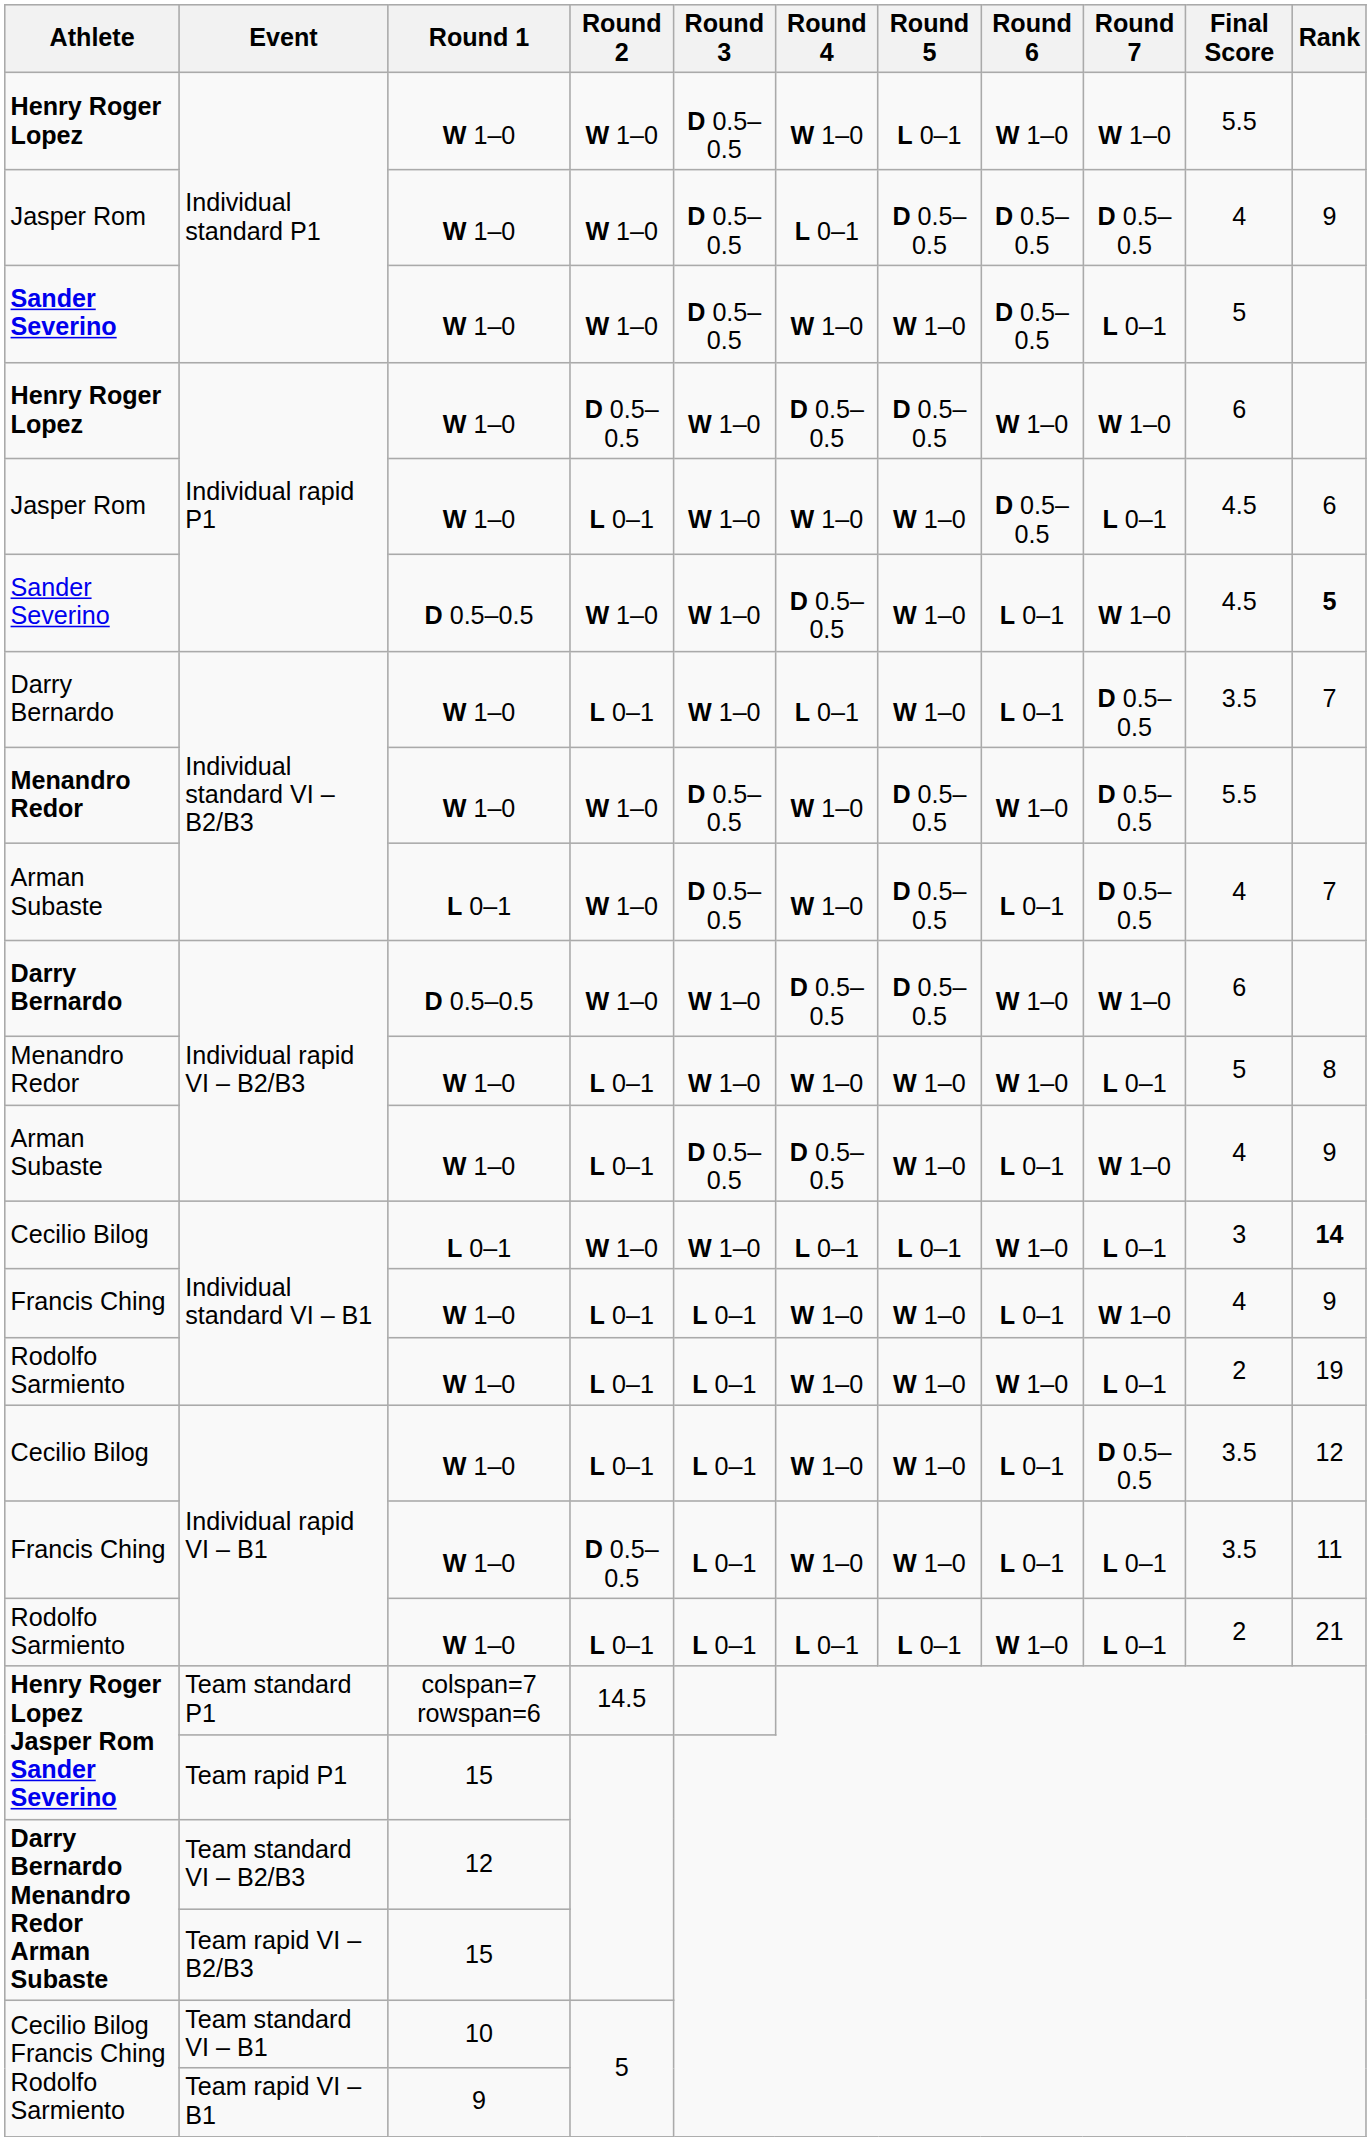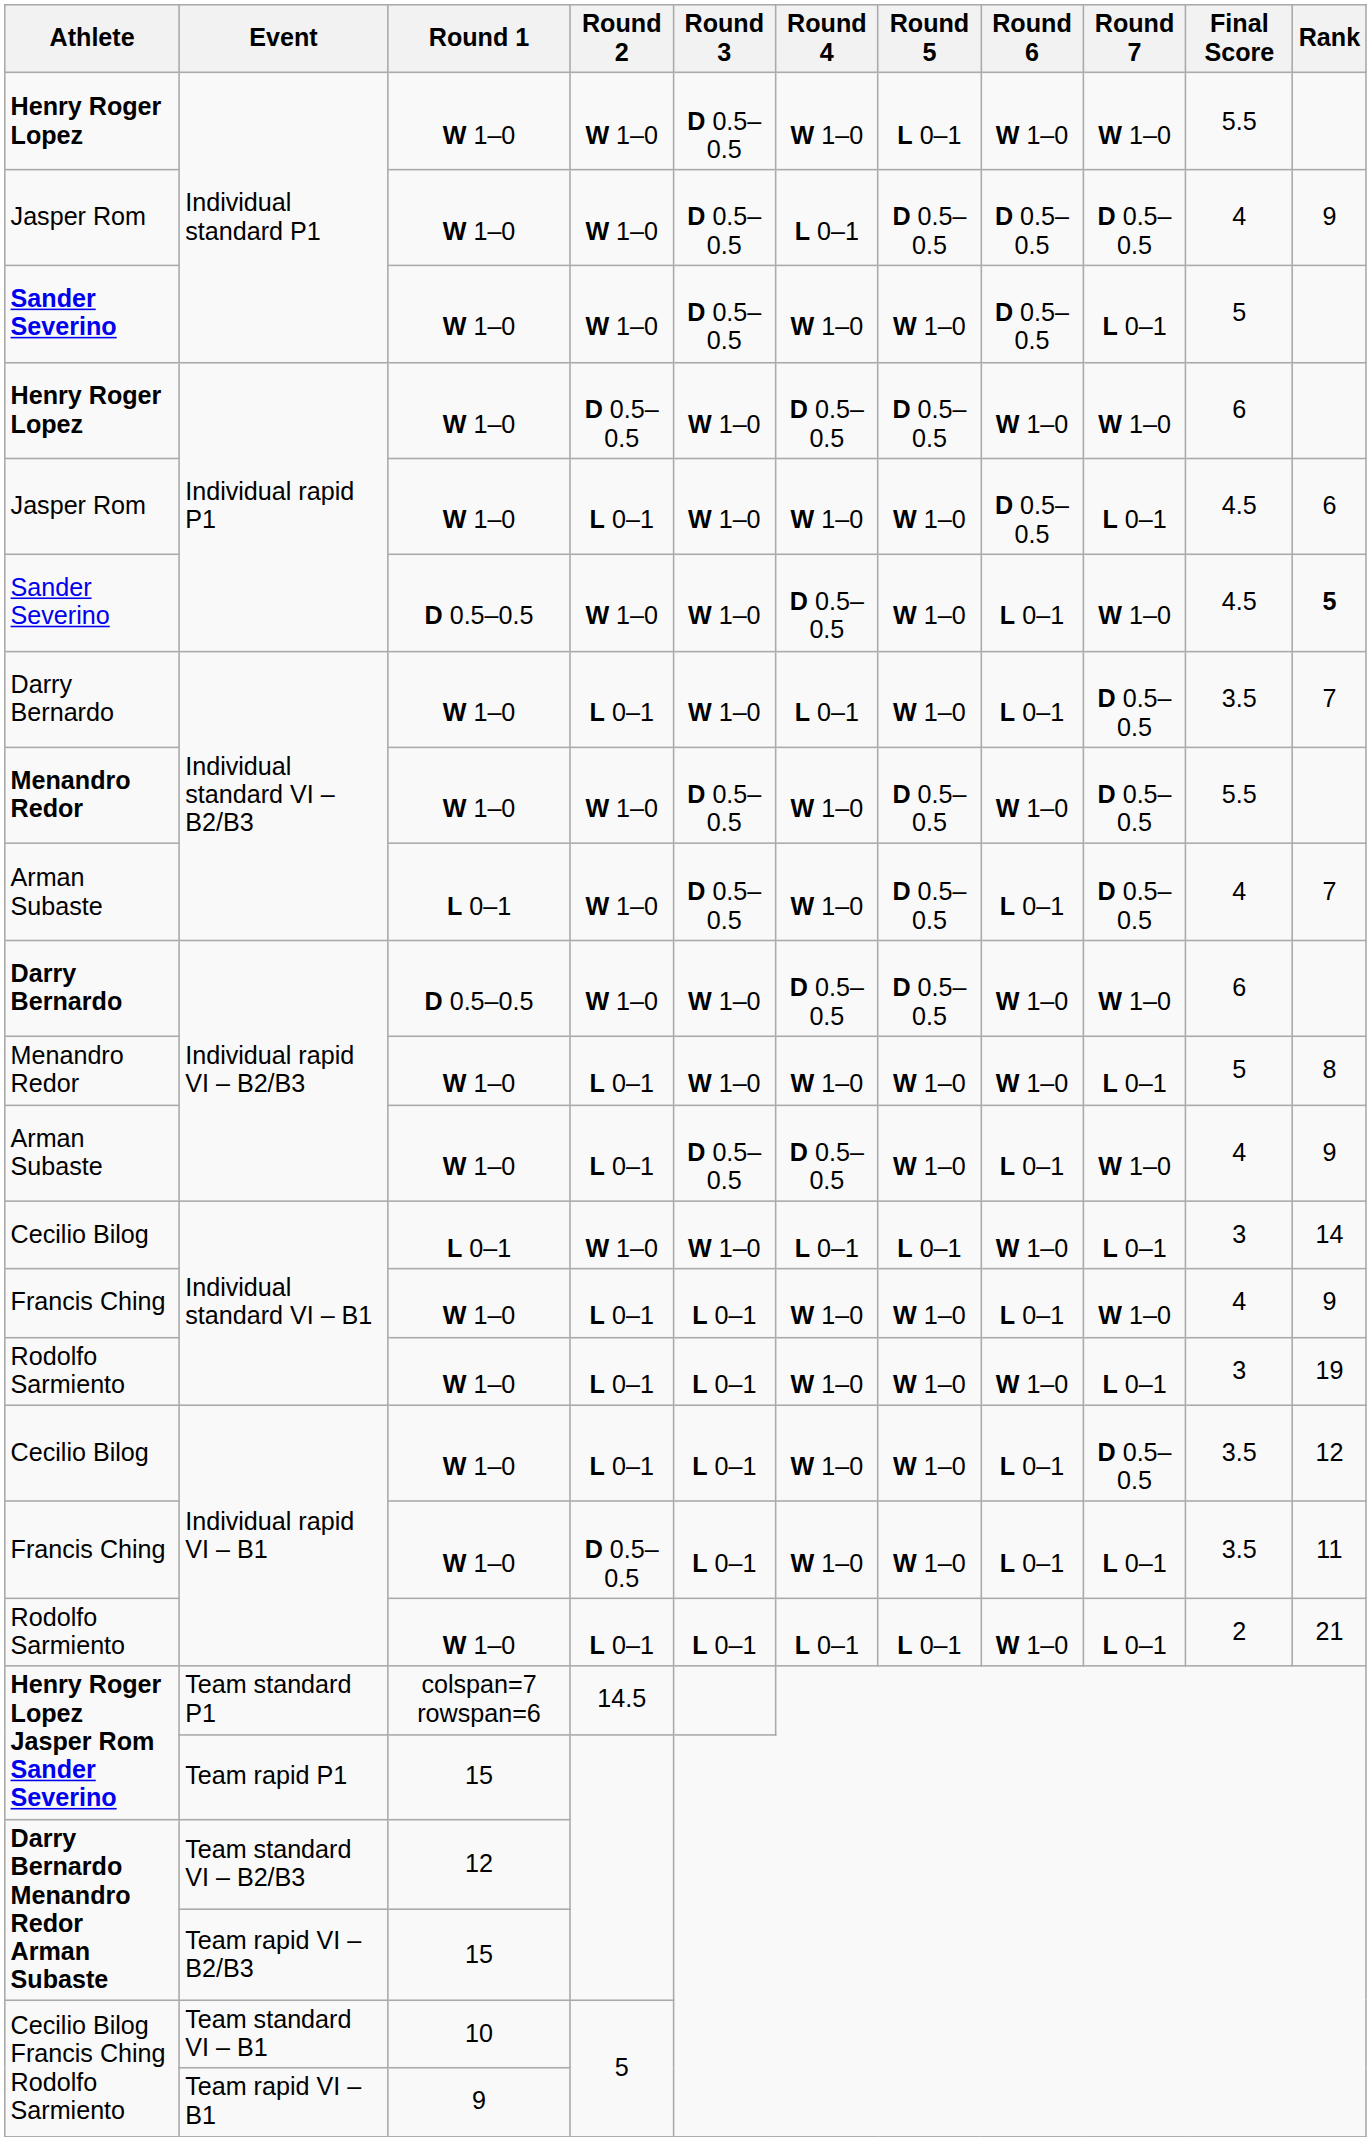 <table class="wikitable">
 <tr>
 <th>Athlete</th>
 <th>Event</th>
 <th>Round 1</th>
 <th>Round 2</th>
 <th>Round 3</th>
 <th>Round 4</th>
 <th>Round 5</th>
 <th>Round 6</th>
 <th>Round 7</th>
 <th>Final Score</th>
 <th>Rank</th>
 </tr>
 <tr align=center>
 <td align=left><strong>Henry Roger Lopez</strong></td>
 <td rowspan=3 align=left>Individual standard P1</td>
 <td><br><strong>W</strong> 1–0</td>
 <td><br><strong>W</strong> 1–0</td>
 <td><br><strong>D</strong> 0.5–0.5</td>
 <td><br><strong>W</strong> 1–0</td>
 <td><br><strong>L</strong> 0–1</td>
 <td><br><strong>W</strong> 1–0</td>
 <td><br><strong>W</strong> 1–0</td>
 <td>5.5</td>
 <td></td>
 </tr>
 <tr align=center>
 <td align=left>Jasper Rom</td>
 <td><br><strong>W</strong> 1–0</td>
 <td><br><strong>W</strong> 1–0</td>
 <td><br><strong>D</strong> 0.5–0.5</td>
 <td><br><strong>L</strong> 0–1</td>
 <td><br><strong>D</strong> 0.5–0.5</td>
 <td><br><strong>D</strong> 0.5–0.5</td>
 <td><br><strong>D</strong> 0.5–0.5</td>
 <td>4</td>
 <td>9</td>
 </tr>
 <tr align=center>
 <td align=left><strong><a href='#'>Sander Severino</a></strong></td>
 <td><br><strong>W</strong> 1–0</td>
 <td><br><strong>W</strong> 1–0</td>
 <td><br><strong>D</strong> 0.5–0.5</td>
 <td><br><strong>W</strong> 1–0</td>
 <td><br><strong>W</strong> 1–0</td>
 <td><br><strong>D</strong> 0.5–0.5</td>
 <td><br><strong>L</strong> 0–1</td>
 <td>5</td>
 <td></td>
 </tr>
 <tr align=center>
 <td align=left><strong>Henry Roger Lopez</strong></td>
 <td rowspan=3 align=left>Individual rapid P1</td>
 <td><br><strong>W</strong> 1–0</td>
 <td><br><strong>D</strong> 0.5–0.5</td>
 <td><br><strong>W</strong> 1–0</td>
 <td><br><strong>D</strong> 0.5–0.5</td>
 <td><br><strong>D</strong> 0.5–0.5</td>
 <td><br><strong>W</strong> 1–0</td>
 <td><br><strong>W</strong> 1–0</td>
 <td>6</td>
 <td></td>
 </tr>
 <tr align=center>
 <td align=left>Jasper Rom</td>
 <td><br><strong>W</strong> 1–0</td>
 <td><br><strong>L</strong> 0–1</td>
 <td><br><strong>W</strong> 1–0</td>
 <td><br><strong>W</strong> 1–0</td>
 <td><br><strong>W</strong> 1–0</td>
 <td><br><strong>D</strong> 0.5–0.5</td>
 <td><br><strong>L</strong> 0–1</td>
 <td>4.5</td>
 <td>6</td>
 </tr>
 <tr align=center>
 <td align=left><a href='#'>Sander Severino</a></td>
 <td><br><strong>D</strong> 0.5–0.5</td>
 <td><br><strong>W</strong> 1–0</td>
 <td><br><strong>W</strong> 1–0</td>
 <td><br><strong>D</strong> 0.5–0.5</td>
 <td><br><strong>W</strong> 1–0</td>
 <td><br><strong>L</strong> 0–1</td>
 <td><br><strong>W</strong> 1–0</td>
 <td>4.5</td>
 <td><strong>5</strong></td>
 </tr>
 <tr align=center>
 <td align=left>Darry Bernardo</td>
 <td rowspan=3 align=left>Individual standard VI – B2/B3</td>
 <td><br><strong>W</strong> 1–0</td>
 <td><br><strong>L</strong> 0–1</td>
 <td><br><strong>W</strong> 1–0</td>
 <td><br><strong>L</strong> 0–1</td>
 <td><br><strong>W</strong> 1–0</td>
 <td><br><strong>L</strong> 0–1</td>
 <td><br><strong>D</strong> 0.5–0.5</td>
 <td>3.5</td>
 <td>7</td>
 </tr>
 <tr align=center>
 <td align=left><strong>Menandro Redor</strong></td>
 <td><br><strong>W</strong> 1–0</td>
 <td><br><strong>W</strong> 1–0</td>
 <td><br><strong>D</strong> 0.5–0.5</td>
 <td><br><strong>W</strong> 1–0</td>
 <td><br><strong>D</strong> 0.5–0.5</td>
 <td><br><strong>W</strong> 1–0</td>
 <td><br><strong>D</strong> 0.5–0.5</td>
 <td>5.5</td>
 <td></td>
 </tr>
 <tr align=center>
 <td align=left>Arman Subaste</td>
 <td><br><strong>L</strong> 0–1</td>
 <td><br><strong>W</strong> 1–0</td>
 <td><br><strong>D</strong> 0.5–0.5</td>
 <td><br><strong>W</strong> 1–0</td>
 <td><br><strong>D</strong> 0.5–0.5</td>
 <td><br><strong>L</strong> 0–1</td>
 <td><br><strong>D</strong> 0.5–0.5</td>
 <td>4</td>
 <td>7</td>
 </tr>
 <tr align=center>
 <td align=left><strong>Darry Bernardo</strong></td>
 <td rowspan=3 align=left>Individual rapid VI – B2/B3</td>
 <td><br><strong>D</strong> 0.5–0.5</td>
 <td><br><strong>W</strong> 1–0</td>
 <td><br><strong>W</strong> 1–0</td>
 <td><br><strong>D</strong> 0.5–0.5</td>
 <td><br><strong>D</strong> 0.5–0.5</td>
 <td><br><strong>W</strong> 1–0</td>
 <td><br><strong>W</strong> 1–0</td>
 <td>6</td>
 <td></td>
 </tr>
 <tr align=center>
 <td align=left>Menandro Redor</td>
 <td><br><strong>W</strong> 1–0</td>
 <td><br><strong>L</strong> 0–1</td>
 <td><br><strong>W</strong> 1–0</td>
 <td><br><strong>W</strong> 1–0</td>
 <td><br><strong>W</strong> 1–0</td>
 <td><br><strong>W</strong> 1–0</td>
 <td><br><strong>L</strong> 0–1</td>
 <td>5</td>
 <td>8</td>
 </tr>
 <tr align=center>
 <td align=left>Arman Subaste</td>
 <td><br><strong>W</strong> 1–0</td>
 <td><br><strong>L</strong> 0–1</td>
 <td><br><strong>D</strong> 0.5–0.5</td>
 <td><br><strong>D</strong> 0.5–0.5</td>
 <td><br><strong>W</strong> 1–0</td>
 <td><br><strong>L</strong> 0–1</td>
 <td><br><strong>W</strong> 1–0</td>
 <td>4</td>
 <td>9</td>
 </tr>
 <tr align=center>
 <td align=left>Cecilio Bilog</td>
 <td rowspan=3 align=left>Individual standard VI – B1</td>
 <td><br><strong>L</strong> 0–1</td>
 <td><br><strong>W</strong> 1–0</td>
 <td><br><strong>W</strong> 1–0</td>
 <td><br><strong>L</strong> 0–1</td>
 <td><br><strong>L</strong> 0–1</td>
 <td><br><strong>W</strong> 1–0</td>
 <td><br><strong>L</strong> 0–1</td>
 <td>3</td>
-<td><strong>14</strong></td>
+<td>14</td>
 </tr>
 <tr align=center>
 <td align=left>Francis Ching</td>
 <td><br><strong>W</strong> 1–0</td>
 <td><br><strong>L</strong> 0–1</td>
 <td><br><strong>L</strong> 0–1</td>
 <td><br><strong>W</strong> 1–0</td>
 <td><br><strong>W</strong> 1–0</td>
 <td><br><strong>L</strong> 0–1</td>
 <td><br><strong>W</strong> 1–0</td>
 <td>4</td>
 <td>9</td>
 </tr>
 <tr align=center>
 <td align=left>Rodolfo Sarmiento</td>
 <td><br><strong>W</strong> 1–0</td>
 <td><br><strong>L</strong> 0–1</td>
 <td><br><strong>L</strong> 0–1</td>
 <td><br><strong>W</strong> 1–0</td>
 <td><br><strong>W</strong> 1–0</td>
 <td><br><strong>W</strong> 1–0</td>
 <td><br><strong>L</strong> 0–1</td>
-<td>2</td>
+<td>3</td>
 <td>19</td>
 </tr>
 <tr align=center>
 <td align=left>Cecilio Bilog</td>
 <td rowspan=3 align=left>Individual rapid VI – B1</td>
 <td><br><strong>W</strong> 1–0</td>
 <td><br><strong>L</strong> 0–1</td>
 <td><br><strong>L</strong> 0–1</td>
 <td><br><strong>W</strong> 1–0</td>
 <td><br><strong>W</strong> 1–0</td>
 <td><br><strong>L</strong> 0–1</td>
 <td><br><strong>D</strong> 0.5–0.5</td>
 <td>3.5</td>
 <td>12</td>
 </tr>
 <tr align=center>
 <td align=left>Francis Ching</td>
 <td><br><strong>W</strong> 1–0</td>
 <td><br><strong>D</strong> 0.5–0.5</td>
 <td><br><strong>L</strong> 0–1</td>
 <td><br><strong>W</strong> 1–0</td>
 <td><br><strong>W</strong> 1–0</td>
 <td><br><strong>L</strong> 0–1</td>
 <td><br><strong>L</strong> 0–1</td>
 <td>3.5</td>
 <td>11</td>
 </tr>
 <tr align=center>
 <td align=left>Rodolfo Sarmiento</td>
 <td><br><strong>W</strong> 1–0</td>
 <td><br><strong>L</strong> 0–1</td>
 <td><br><strong>L</strong> 0–1</td>
 <td><br><strong>L</strong> 0–1</td>
 <td><br><strong>L</strong> 0–1</td>
 <td><br><strong>W</strong> 1–0</td>
 <td><br><strong>L</strong> 0–1</td>
 <td>2</td>
 <td>21</td>
 </tr>
 <tr align=center>
 <td rowspan=2 align=left><strong>Henry Roger Lopez<br>Jasper Rom<br><a href='#'>Sander Severino</a></strong></td>
 <td align=left>Team standard P1</td>
 <td>colspan=7 rowspan=6 </td>
 <td>14.5</td>
 <td></td>
 </tr>
 <tr align=center>
 <td align=left>Team rapid P1</td>
 <td>15</td>
 <td rowspan=3></td>
 </tr>
 <tr align=center>
 <td rowspan=2 align=left><strong>Darry Bernardo<br>Menandro Redor<br>Arman Subaste</strong></td>
 <td align=left>Team standard VI – B2/B3</td>
 <td>12</td>
 </tr>
 <tr align=center>
 <td align=left>Team rapid VI – B2/B3</td>
 <td>15</td>
 </tr>
 <tr align=center>
 <td rowspan=2 align=left>Cecilio Bilog<br>Francis Ching<br>Rodolfo Sarmiento</td>
 <td align=left>Team standard VI – B1</td>
 <td>10</td>
 <td rowspan=2>5</td>
 </tr>
 <tr align=center>
 <td align=left>Team rapid VI – B1</td>
 <td>9</td>
 </tr>
 </table>
